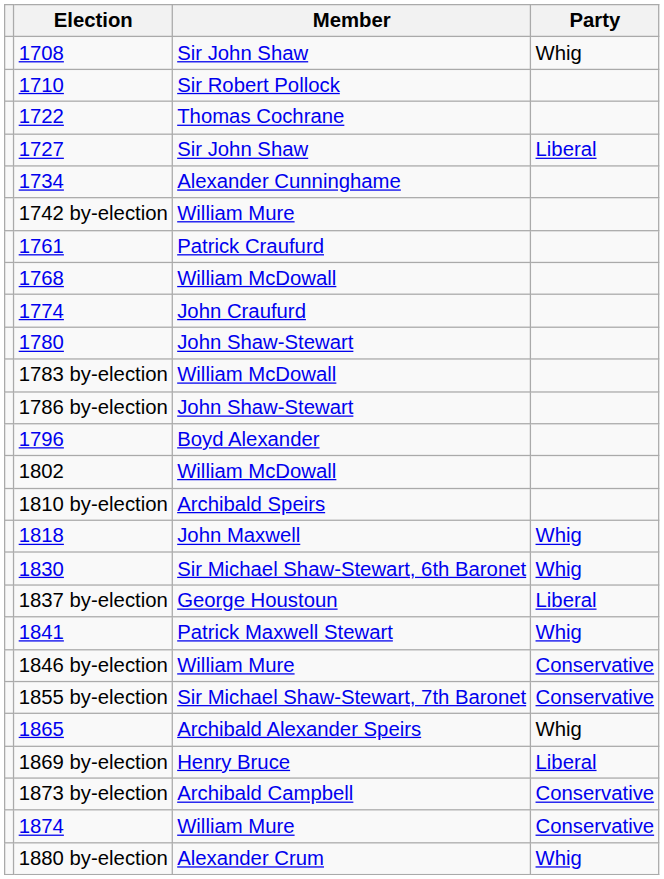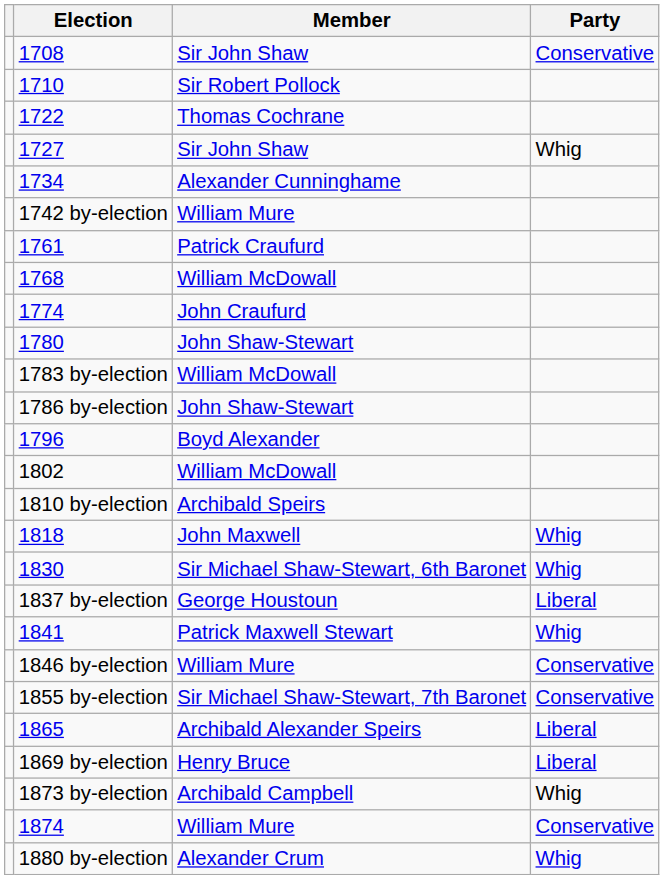 <table class="wikitable">
 <tr>
 <th></th>
 <th>Election</th>
 <th>Member</th>
 <th>Party</th>
 </tr>
 <tr>
 <td></td>
 <td><a href='#'>1708</a></td>
 <td><a href='#'>Sir John Shaw</a></td>
-<td>Whig</td>
+<td><a href='#'>Conservative</a></td>
 </tr>
 <tr>
 <td></td>
 <td><a href='#'>1710</a></td>
 <td><a href='#'>Sir Robert Pollock</a></td>
 <td></td>
 </tr>
 <tr>
 <td></td>
 <td><a href='#'>1722</a></td>
 <td><a href='#'>Thomas Cochrane</a></td>
 <td></td>
 </tr>
 <tr>
 <td></td>
 <td><a href='#'>1727</a></td>
 <td><a href='#'>Sir John Shaw</a></td>
-<td><a href='#'>Liberal</a></td>
+<td>Whig</td>
 </tr>
 <tr>
 <td></td>
 <td><a href='#'>1734</a></td>
 <td><a href='#'>Alexander Cunninghame</a></td>
 <td></td>
 </tr>
 <tr>
 <td></td>
 <td>1742 by-election</td>
 <td><a href='#'>William Mure</a></td>
 <td></td>
 </tr>
 <tr>
 <td></td>
 <td><a href='#'>1761</a></td>
 <td><a href='#'>Patrick Craufurd</a></td>
 <td></td>
 </tr>
 <tr>
 <td></td>
 <td><a href='#'>1768</a></td>
 <td><a href='#'>William McDowall</a></td>
 <td></td>
 </tr>
 <tr>
 <td></td>
 <td><a href='#'>1774</a></td>
 <td><a href='#'>John Craufurd</a></td>
 <td></td>
 </tr>
 <tr>
 <td></td>
 <td><a href='#'>1780</a></td>
 <td><a href='#'>John Shaw-Stewart</a></td>
 <td></td>
 </tr>
 <tr>
 <td></td>
 <td>1783 by-election</td>
 <td><a href='#'>William McDowall</a></td>
 <td></td>
 </tr>
 <tr>
 <td></td>
 <td>1786 by-election</td>
 <td><a href='#'>John Shaw-Stewart</a></td>
 <td></td>
 </tr>
 <tr>
 <td></td>
 <td><a href='#'>1796</a></td>
 <td><a href='#'>Boyd Alexander</a></td>
 <td></td>
 </tr>
 <tr>
 <td></td>
 <td>1802</td>
 <td><a href='#'>William McDowall</a></td>
 <td></td>
 </tr>
 <tr>
 <td></td>
 <td>1810 by-election</td>
 <td><a href='#'>Archibald Speirs</a></td>
 <td></td>
 </tr>
 <tr>
 <td style="color:inherit;background-color: "></td>
 <td><a href='#'>1818</a></td>
 <td><a href='#'>John Maxwell</a></td>
 <td><a href='#'>Whig</a></td>
 </tr>
 <tr>
 <td style="color:inherit;background-color: "></td>
 <td><a href='#'>1830</a></td>
 <td><a href='#'>Sir Michael Shaw-Stewart, 6th Baronet</a></td>
 <td><a href='#'>Whig</a></td>
 </tr>
 <tr>
 <td style="color:inherit;background-color: "></td>
 <td>1837 by-election</td>
 <td><a href='#'>George Houstoun</a></td>
 <td><a href='#'>Liberal</a></td>
 </tr>
 <tr>
 <td style="color:inherit;background-color: "></td>
 <td><a href='#'>1841</a></td>
 <td><a href='#'>Patrick Maxwell Stewart</a></td>
 <td><a href='#'>Whig</a></td>
 </tr>
 <tr>
 <td style="color:inherit;background-color: "></td>
 <td>1846 by-election</td>
 <td><a href='#'>William Mure</a></td>
 <td><a href='#'>Conservative</a></td>
 </tr>
 <tr>
 <td style="color:inherit;background-color: "></td>
 <td>1855 by-election</td>
 <td><a href='#'>Sir Michael Shaw-Stewart, 7th Baronet</a></td>
 <td><a href='#'>Conservative</a></td>
 </tr>
 <tr>
 <td style="color:inherit;background-color: "></td>
 <td><a href='#'>1865</a></td>
 <td><a href='#'>Archibald Alexander Speirs</a></td>
-<td>Whig</td>
+<td><a href='#'>Liberal</a></td>
 </tr>
 <tr>
 <td style="color:inherit;background-color: "></td>
 <td>1869 by-election</td>
 <td><a href='#'>Henry Bruce</a></td>
 <td><a href='#'>Liberal</a></td>
 </tr>
 <tr>
 <td style="color:inherit;background-color: "></td>
 <td>1873 by-election</td>
 <td><a href='#'>Archibald Campbell</a></td>
-<td><a href='#'>Conservative</a></td>
+<td>Whig</td>
 </tr>
 <tr>
 <td style="color:inherit;background-color: "></td>
 <td><a href='#'>1874</a></td>
 <td><a href='#'>William Mure</a></td>
 <td><a href='#'>Conservative</a></td>
 </tr>
 <tr>
 <td style="color:inherit;background-color: "></td>
 <td>1880 by-election</td>
 <td><a href='#'>Alexander Crum</a></td>
 <td><a href='#'>Whig</a></td>
 </tr>
 </table>
